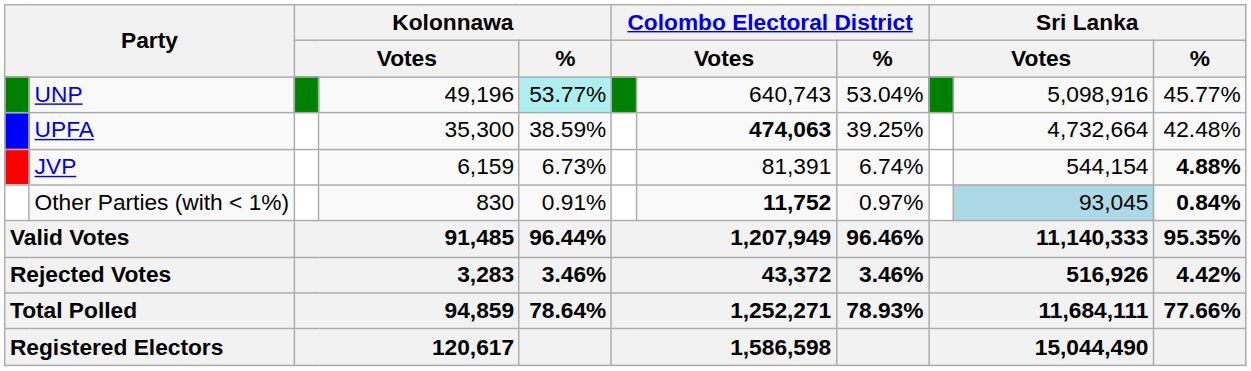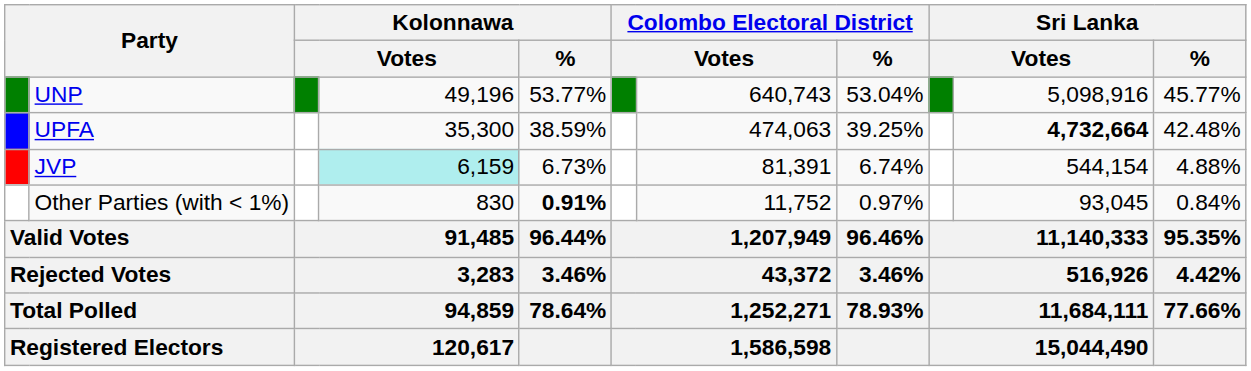 <table class="wikitable">
 <tr>
 <th colspan="2" width="144px"rowspan="2">Party</th>
 <th colspan="3" width="216px">Kolonnawa</th>
 <th colspan="3" width="216px"><a href='#'>Colombo Electoral District</a></th>
 <th colspan="3" width="216px">Sri Lanka</th>
 </tr>
 <tr>
 <th colspan="2" width="144px">Votes</th>
 <th>%</th>
 <th colspan="2" width="144px">Votes</th>
 <th>%</th>
 <th colspan="2" width="144px">Votes</th>
 <th>%</th>
 </tr>
 <tr>
 <td style="background-color:green;" width="10px"></td>
 <td style="text-align:left;"><a href='#'>UNP</a></td>
 <td style="background-color:green;" width="10px"></td>
 <td style="text-align:right;">49,196</td>
-<td style="background: paleturquoise; text-align:right;">53.77%</td>
+<td style="text-align:right;">53.77%</td>
 <td style="background-color:green;" width="10px"></td>
 <td style="text-align:right;">640,743</td>
 <td style="text-align:right;">53.04%</td>
 <td style="background-color:green;" width="10px"></td>
 <td style="text-align:right;">5,098,916</td>
 <td style="text-align:right;">45.77%</td>
 </tr>
 <tr>
 <td style="background-color:blue;" width="10px"></td>
 <td style="text-align:left;"><a href='#'>UPFA</a></td>
 <td style="background-color:white;" width="10px"></td>
 <td style="text-align:right;">35,300</td>
 <td style="text-align:right;">38.59%</td>
 <td style="background-color:white;" width="10px"></td>
-<td style="text-align:right;"><strong>474,063</strong></td>
+<td style="text-align:right;">474,063</td>
 <td style="text-align:right;">39.25%</td>
 <td style="background-color:white;" width="10px"></td>
-<td style="text-align:right;">4,732,664</td>
+<td style="text-align:right;"><strong>4,732,664</strong></td>
 <td style="text-align:right;">42.48%</td>
 </tr>
 <tr>
 <td style="background-color:red;" width="10px"></td>
 <td style="text-align:left;"><a href='#'>JVP</a></td>
 <td style="background-color:white;" width="10px"></td>
-<td style="text-align:right;">6,159</td>
+<td style="background: paleturquoise; text-align:right;">6,159</td>
 <td style="text-align:right;">6.73%</td>
 <td style="background-color:white;" width="10px"></td>
 <td style="text-align:right;">81,391</td>
 <td style="text-align:right;">6.74%</td>
 <td style="background-color:white;" width="10px"></td>
 <td style="text-align:right;">544,154</td>
-<td style="text-align:right;"><strong>4.88%</strong></td>
+<td style="text-align:right;">4.88%</td>
 </tr>
 <tr>
 <td style="background-color:white;" width="10px"></td>
 <td style="text-align:left;">Other Parties (with < 1%)</td>
 <td style="background-color:white;" width="10px"></td>
 <td style="text-align:right;">830</td>
-<td style="text-align:right;">0.91%</td>
+<td style="text-align:right;"><strong>0.91%</strong></td>
 <td style="background-color:white;" width="10px"></td>
-<td style="text-align:right;"><strong>11,752</strong></td>
+<td style="text-align:right;">11,752</td>
 <td style="text-align:right;">0.97%</td>
 <td style="background-color:white;" width="10px"></td>
-<td style="background: lightblue; text-align:right;">93,045</td>
-<td style="text-align:right;"><strong>0.84%</strong></td>
+<td style="text-align:right;">93,045</td>
+<td style="text-align:right;">0.84%</td>
 </tr>
 <tr>
 <th colspan="2" width="144px"style="text-align:left;">Valid Votes</th>
 <th style="text-align:right;"colspan="2" width="144px">91,485</th>
 <th style="text-align:right;">96.44%</th>
 <th style="text-align:right;"colspan="2" width="144px">1,207,949</th>
 <th style="text-align:right;">96.46%</th>
 <th style="text-align:right;"colspan="2" width="144px">11,140,333</th>
 <th style="text-align:right;">95.35%</th>
 </tr>
 <tr>
 <th colspan="2" width="144px"style="text-align:left;">Rejected Votes</th>
 <th style="text-align:right;"colspan="2" width="144px">3,283</th>
 <th style="text-align:right;">3.46%</th>
 <th style="text-align:right;"colspan="2" width="144px">43,372</th>
 <th style="text-align:right;">3.46%</th>
 <th style="text-align:right;"colspan="2" width="144px">516,926</th>
 <th style="text-align:right;">4.42%</th>
 </tr>
 <tr>
 <th colspan="2" width="144px"style="text-align:left;">Total Polled</th>
 <th style="text-align:right;"colspan="2" width="144px">94,859</th>
 <th style="text-align:right;">78.64%</th>
 <th style="text-align:right;"colspan="2" width="144px">1,252,271</th>
 <th style="text-align:right;">78.93%</th>
 <th style="text-align:right;"colspan="2" width="144px">11,684,111</th>
 <th style="text-align:right;">77.66%</th>
 </tr>
 <tr>
 <th colspan="2" width="144px"style="text-align:left;">Registered Electors</th>
 <th style="text-align:right;"colspan="2" width="144px">120,617</th>
 <th></th>
 <th style="text-align:right;"colspan="2" width="144px">1,586,598</th>
 <th></th>
 <th style="text-align:right;"colspan="2" width="144px">15,044,490</th>
 <th></th>
 </tr>
 </table>
